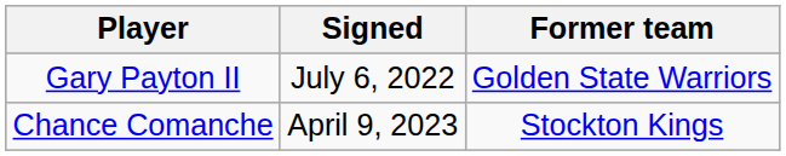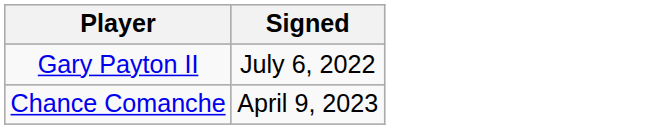 <table class="wikitable sortable sortable" style="text-align: center">
 <tr>
 <th>Player</th>
 <th>Signed</th>
-<th>Former team</th>
 </tr>
 <tr>
 <td><a href='#'>Gary Payton II</a></td>
 <td>July 6, 2022</td>
-<td><a href='#'>Golden State Warriors</a></td>
 </tr>
 <tr>
 <td><a href='#'>Chance Comanche</a></td>
 <td>April 9, 2023</td>
-<td><a href='#'>Stockton Kings</a></td>
 </tr>
 </table>
